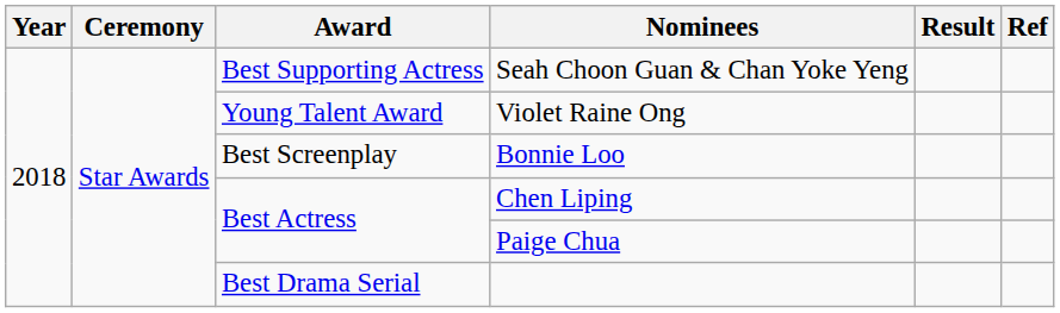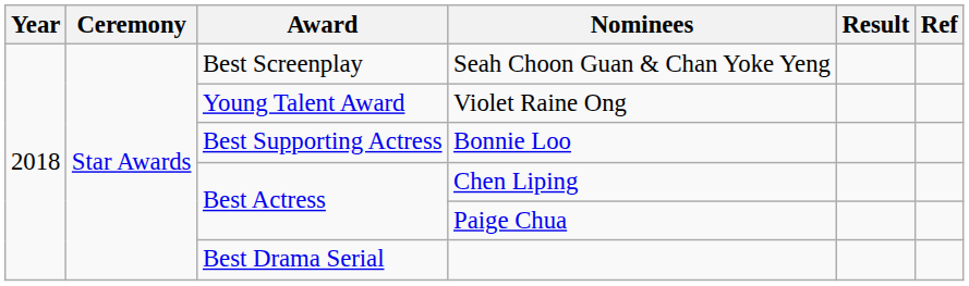 <table class="wikitable sortable">
 <tr>
 <th>Year</th>
 <th>Ceremony</th>
 <th>Award</th>
 <th>Nominees</th>
 <th>Result</th>
 <th>Ref</th>
 </tr>
 <tr>
 <td rowspan="6">2018</td>
 <td rowspan="6"><a href='#'>Star Awards</a></td>
-<td><a href='#'>Best Supporting Actress</a></td>
+<td>Best Screenplay</td>
 <td>Seah Choon Guan & Chan Yoke Yeng</td>
 <td></td>
 <td></td>
 </tr>
 <tr>
 <td><a href='#'>Young Talent Award</a></td>
 <td>Violet Raine Ong</td>
 <td></td>
 <td></td>
 </tr>
 <tr>
-<td>Best Screenplay</td>
+<td><a href='#'>Best Supporting Actress</a></td>
 <td><a href='#'>Bonnie Loo</a></td>
 <td></td>
 <td></td>
 </tr>
 <tr>
 <td rowspan="2"><a href='#'>Best Actress</a></td>
 <td><a href='#'>Chen Liping</a></td>
 <td></td>
 <td></td>
 </tr>
 <tr>
 <td><a href='#'>Paige Chua</a></td>
 <td></td>
 <td></td>
 </tr>
 <tr>
 <td><a href='#'>Best Drama Serial</a></td>
 <td></td>
 <td></td>
 <td></td>
 </tr>
 </table>
